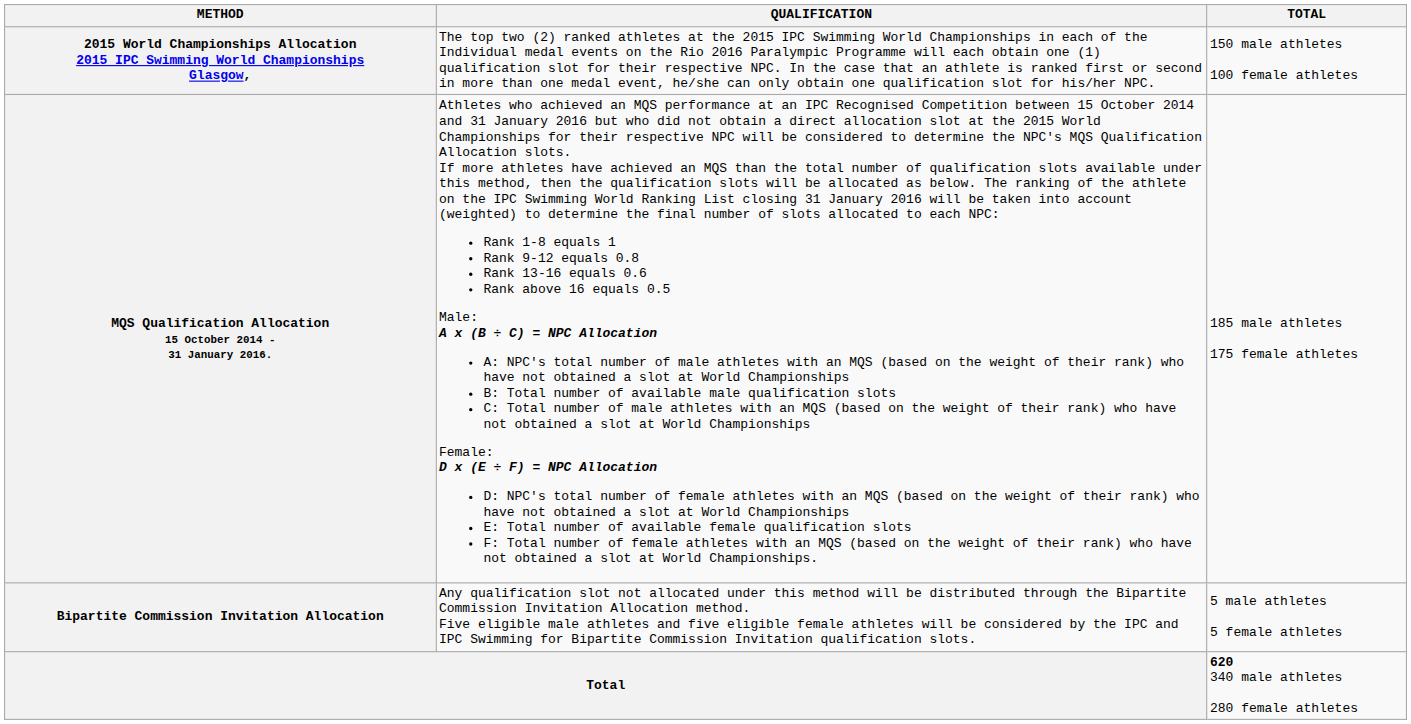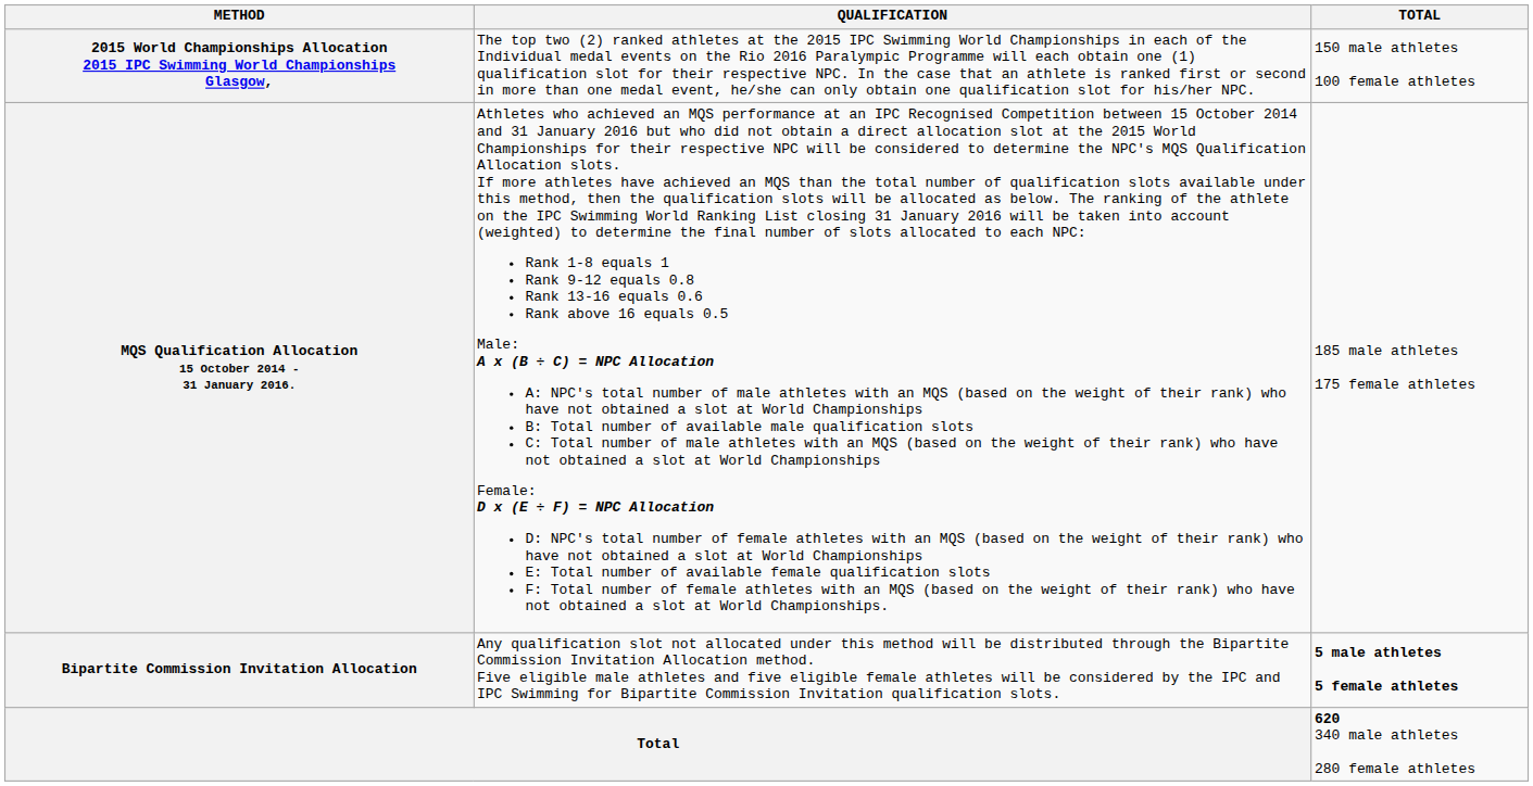 <table class="wikitable" style="width:100%; font-size:90%;" align="center">
 <tr>
 <th>METHOD</th>
 <th style="width:55%;">QUALIFICATION</th>
 <th>TOTAL</th>
 </tr>
 <tr>
 <th>2015 World Championships Allocation<br><a href='#'>2015 IPC Swimming World Championships</a><br><a href='#'>Glasgow</a>, </th>
 <td>The top two (2) ranked athletes at the 2015 IPC Swimming World Championships in each of the Individual medal events on the Rio 2016 Paralympic Programme will each obtain one (1) qualification slot for their respective NPC. In the case that an athlete is ranked first or second in more than one medal event, he/she can only obtain one qualification slot for his/her NPC.</td>
 <td>150 male athletes<br><br>100 female athletes</td>
 </tr>
 <tr>
 <th>MQS Qualification Allocation<br><small>15 October 2014 -<br>31 January 2016.</small></th>
 <td>Athletes who achieved an MQS performance at an IPC Recognised Competition between 15 October 2014 and 31 January 2016 but who did not obtain a direct allocation slot at the 2015 World Championships for their respective NPC will be considered to determine the NPC's MQS Qualification Allocation slots.<br>If more athletes have achieved an MQS than the total number of qualification slots available under this method, then the qualification slots will be allocated as below. The ranking of the athlete on the IPC Swimming World Ranking List closing 31 January 2016 will be taken into account (weighted) to determine the final number of slots allocated to each NPC:<ul><li>Rank 1-8 equals 1</li><li>Rank 9-12 equals 0.8</li><li>Rank 13-16 equals 0.6</li><li>Rank above 16 equals 0.5</li></ul>Male:<br><strong><em>A x (B ÷ C) = NPC Allocation</em></strong><ul><li>A: NPC's total number of male athletes with an MQS (based on the weight of their rank) who have not obtained a slot at World Championships</li><li>B: Total number of available male qualification slots</li><li>C: Total number of male athletes with an MQS (based on the weight of their rank) who have not obtained a slot at World Championships</li></ul>Female:<br><strong><em>D x (E ÷ F) = NPC Allocation</em></strong><ul><li>D: NPC's total number of female athletes with an MQS (based on the weight of their rank) who have not obtained a slot at World Championships</li><li>E: Total number of available female qualification slots</li><li>F: Total number of female athletes with an MQS (based on the weight of their rank) who have not obtained a slot at World Championships.</li></ul></td>
 <td>185 male athletes<br><br>175 female athletes</td>
 </tr>
 <tr>
 <th>Bipartite Commission Invitation Allocation</th>
 <td>Any qualification slot not allocated under this method will be distributed through the Bipartite Commission Invitation Allocation method.<br>Five eligible male athletes and five eligible female athletes will be considered by the IPC and IPC Swimming for Bipartite Commission Invitation qualification slots.</td>
-<td>5 male athletes<br><br>5 female athletes</td>
+<td><strong>5 male athletes<br><br>5 female athletes</strong></td>
 </tr>
 <tr>
 <th colspan="2">Total</th>
 <td><strong>620</strong><br>340 male athletes<br><br>280 female athletes</td>
 </tr>
 </table>
